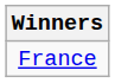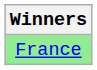 <table class=wikitable style="text-align:center; margin:auto">
 <tr>
 <th>Winners</th>
 </tr>
 <tr>
-<td> <a href='#'>France</a></td>
+<td style="background: lightgreen;"> <a href='#'>France</a></td>
 </tr>
 </table>
